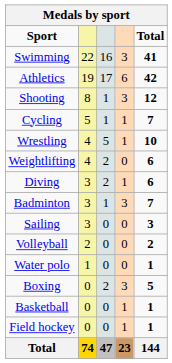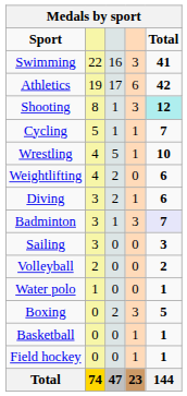 <table class="wikitable" style="font-size:95%; float:right;">
 <tr style="background:#efefef;">
 <th colspan=7>Medals by sport</th>
 </tr>
 <tr align=center>
 <td><strong>Sport</strong></td>
 <td style="background:#f7f6a8;"></td>
 <td style="background:#dce5e5;"></td>
 <td style="background:#ffdab9;"></td>
 <td><strong>Total</strong></td>
 </tr>
 <tr align=center>
 <td><a href='#'>Swimming</a></td>
 <td style="background:#F7F6A8;">22</td>
 <td style="background:#DCE5E5;">16</td>
 <td style="background:#FFDAB9;">3</td>
 <td><strong>41</strong></td>
 </tr>
 <tr align=center>
 <td><a href='#'>Athletics</a></td>
 <td style="background:#F7F6A8;">19</td>
 <td style="background:#DCE5E5;">17</td>
 <td style="background:#FFDAB9;">6</td>
 <td><strong>42</strong></td>
 </tr>
 <tr align=center>
 <td><a href='#'>Shooting</a></td>
 <td style="background:#F7F6A8;">8</td>
 <td style="background:#DCE5E5;">1</td>
 <td style="background:#FFDAB9;">3</td>
-<td><strong>12</strong></td>
+<td style="background: paleturquoise;"><strong>12</strong></td>
 </tr>
 <tr align=center>
 <td><a href='#'>Cycling</a></td>
 <td style="background:#F7F6A8;">5</td>
 <td style="background:#DCE5E5;">1</td>
 <td style="background:#FFDAB9;">1</td>
 <td><strong>7</strong></td>
 </tr>
 <tr align=center>
 <td><a href='#'>Wrestling</a></td>
 <td style="background:#F7F6A8;">4</td>
 <td style="background:#DCE5E5;">5</td>
 <td style="background:#FFDAB9;">1</td>
 <td><strong>10</strong></td>
 </tr>
 <tr align=center>
 <td><a href='#'>Weightlifting</a></td>
 <td style="background:#F7F6A8;">4</td>
 <td style="background:#DCE5E5;">2</td>
 <td style="background:#FFDAB9;">0</td>
 <td><strong>6</strong></td>
 </tr>
 <tr align=center>
 <td><a href='#'>Diving</a></td>
 <td style="background:#F7F6A8;">3</td>
 <td style="background:#DCE5E5;">2</td>
 <td style="background:#FFDAB9;">1</td>
 <td><strong>6</strong></td>
 </tr>
 <tr align=center>
 <td><a href='#'>Badminton</a></td>
 <td style="background:#F7F6A8;">3</td>
 <td style="background:#DCE5E5;">1</td>
 <td style="background:#FFDAB9;">3</td>
-<td><strong>7</strong></td>
+<td style="background: lavender;"><strong>7</strong></td>
 </tr>
 <tr align=center>
 <td><a href='#'>Sailing</a></td>
 <td style="background:#F7F6A8;">3</td>
 <td style="background:#DCE5E5;">0</td>
 <td style="background:#FFDAB9;">0</td>
 <td><strong>3</strong></td>
 </tr>
 <tr align=center>
 <td><a href='#'>Volleyball</a></td>
 <td style="background:#F7F6A8;">2</td>
 <td style="background:#DCE5E5;">0</td>
 <td style="background:#FFDAB9;">0</td>
 <td><strong>2</strong></td>
 </tr>
 <tr align=center>
 <td><a href='#'>Water polo</a></td>
 <td style="background:#F7F6A8;">1</td>
 <td style="background:#DCE5E5;">0</td>
 <td style="background:#FFDAB9;">0</td>
 <td><strong>1</strong></td>
 </tr>
 <tr align=center>
 <td><a href='#'>Boxing</a></td>
 <td style="background:#F7F6A8;">0</td>
 <td style="background:#DCE5E5;">2</td>
 <td style="background:#FFDAB9;">3</td>
 <td><strong>5</strong></td>
 </tr>
 <tr align=center>
 <td><a href='#'>Basketball</a></td>
 <td style="background:#F7F6A8;">0</td>
 <td style="background:#DCE5E5;">0</td>
 <td style="background:#FFDAB9;">1</td>
 <td><strong>1</strong></td>
 </tr>
 <tr align=center>
 <td><a href='#'>Field hockey</a></td>
 <td style="background:#F7F6A8;">0</td>
 <td style="background:#DCE5E5;">0</td>
 <td style="background:#FFDAB9;">1</td>
 <td><strong>1</strong></td>
 </tr>
 <tr align=center>
 <th>Total</th>
 <th style="background:gold;">74</th>
 <th style="background:silver;">47</th>
 <th style="background:#c96;">23</th>
 <th>144</th>
 </tr>
 </table>
